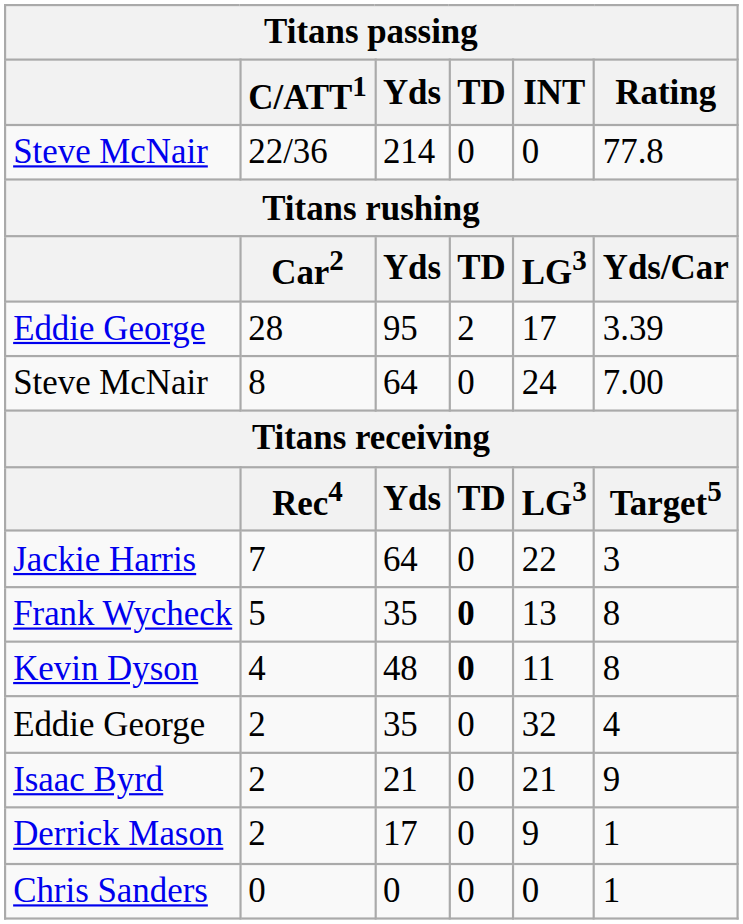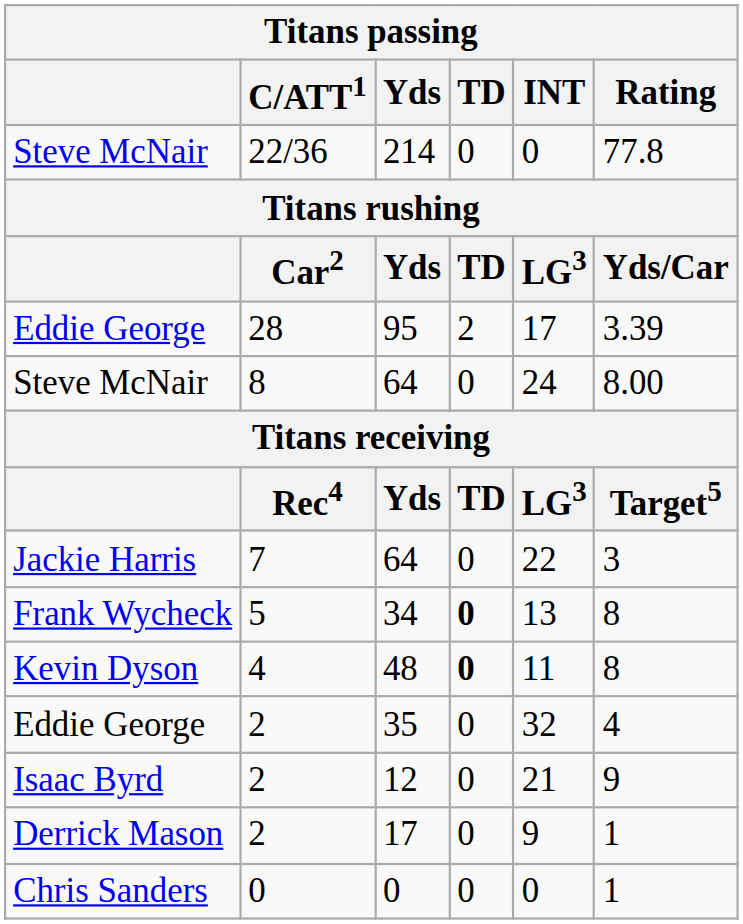 <table class="wikitable">
 <tr>
 <th colspan="6">Titans passing</th>
 </tr>
 <tr>
 <th></th>
 <th>C/ATT<sup>1</sup></th>
 <th>Yds</th>
 <th>TD</th>
 <th>INT</th>
 <th>Rating</th>
 </tr>
 <tr>
 <td><a href='#'>Steve McNair</a></td>
 <td>22/36</td>
 <td>214</td>
 <td>0</td>
 <td>0</td>
 <td>77.8</td>
 </tr>
 <tr>
 <th colspan="6">Titans rushing</th>
 </tr>
 <tr>
 <th></th>
 <th>Car<sup>2</sup></th>
 <th>Yds</th>
 <th>TD</th>
 <th>LG<sup>3</sup></th>
 <th>Yds/Car</th>
 </tr>
 <tr>
 <td><a href='#'>Eddie George</a></td>
 <td>28</td>
 <td>95</td>
 <td>2</td>
 <td>17</td>
 <td>3.39</td>
 </tr>
 <tr>
 <td>Steve McNair</td>
 <td>8</td>
 <td>64</td>
 <td>0</td>
 <td>24</td>
-<td>7.00</td>
+<td>8.00</td>
 </tr>
 <tr>
 <th colspan="6">Titans receiving</th>
 </tr>
 <tr>
 <th></th>
 <th>Rec<sup>4</sup></th>
 <th>Yds</th>
 <th>TD</th>
 <th>LG<sup>3</sup></th>
 <th>Target<sup>5</sup></th>
 </tr>
 <tr>
 <td><a href='#'>Jackie Harris</a></td>
 <td>7</td>
 <td>64</td>
 <td>0</td>
 <td>22</td>
 <td>3</td>
 </tr>
 <tr>
 <td><a href='#'>Frank Wycheck</a></td>
 <td>5</td>
-<td>35</td>
+<td>34</td>
 <td><strong>0</strong></td>
 <td>13</td>
 <td>8</td>
 </tr>
 <tr>
 <td><a href='#'>Kevin Dyson</a></td>
 <td>4</td>
 <td>48</td>
 <td><strong>0</strong></td>
 <td>11</td>
 <td>8</td>
 </tr>
 <tr>
 <td>Eddie George</td>
 <td>2</td>
 <td>35</td>
 <td>0</td>
 <td>32</td>
 <td>4</td>
 </tr>
 <tr>
 <td><a href='#'>Isaac Byrd</a></td>
 <td>2</td>
-<td>21</td>
+<td>12</td>
 <td>0</td>
 <td>21</td>
 <td>9</td>
 </tr>
 <tr>
 <td><a href='#'>Derrick Mason</a></td>
 <td>2</td>
 <td>17</td>
 <td>0</td>
 <td>9</td>
 <td>1</td>
 </tr>
 <tr>
 <td><a href='#'>Chris Sanders</a></td>
 <td>0</td>
 <td>0</td>
 <td>0</td>
 <td>0</td>
 <td>1</td>
 </tr>
 </table>
